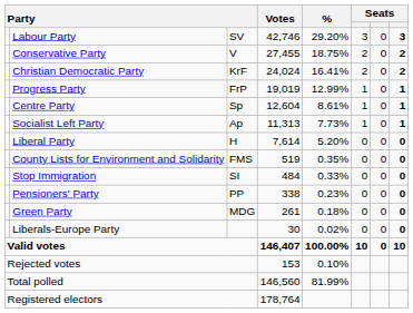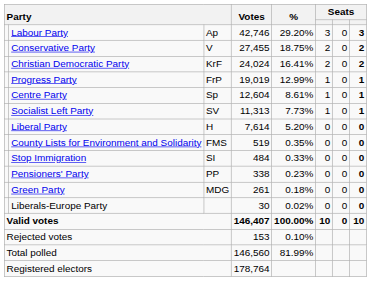 <table class="wikitable" border="1" style="text-align:right;">
 <tr>
 <th style="text-align:left;" valign=bottom rowspan=2 colspan=3>Party</th>
 <th align=center valign=bottom rowspan=2 width="50">Votes</th>
 <th align=center valign=bottom rowspan=2 width="50">%</th>
 <th colspan=3>Seats</th>
 </tr>
 <tr>
 <th align=center valign=bottom width="20"><small></small></th>
 <th align=center valign=bottom width="20"><small><a href='#'></a></small></th>
 <th align=center valign=bottom width="20"><small></small></th>
 </tr>
 <tr>
 <td style="color:inherit;background:"></td>
 <td align=left><a href='#'>Labour Party</a></td>
-<td align=left>SV</td>
+<td align=left>Ap</td>
 <td>42,746</td>
 <td>29.20%</td>
 <td>3</td>
 <td>0</td>
 <td><strong>3</strong></td>
 </tr>
 <tr>
 <td style="color:inherit;background:"></td>
 <td align=left><a href='#'>Conservative Party</a></td>
 <td align=left>V</td>
 <td>27,455</td>
 <td>18.75%</td>
 <td>2</td>
 <td>0</td>
 <td><strong>2</strong></td>
 </tr>
 <tr>
 <td style="color:inherit;background:"></td>
 <td align=left><a href='#'>Christian Democratic Party</a></td>
 <td align=left>KrF</td>
 <td>24,024</td>
 <td>16.41%</td>
 <td>2</td>
 <td>0</td>
 <td><strong>2</strong></td>
 </tr>
 <tr>
 <td style="color:inherit;background:"></td>
 <td align=left><a href='#'>Progress Party</a></td>
 <td align=left>FrP</td>
 <td>19,019</td>
 <td>12.99%</td>
 <td>1</td>
 <td>0</td>
 <td><strong>1</strong></td>
 </tr>
 <tr>
 <td style="color:inherit;background:"></td>
 <td align=left><a href='#'>Centre Party</a></td>
 <td align=left>Sp</td>
 <td>12,604</td>
 <td>8.61%</td>
 <td>1</td>
 <td>0</td>
 <td><strong>1</strong></td>
 </tr>
 <tr>
 <td style="color:inherit;background:"></td>
 <td align=left><a href='#'>Socialist Left Party</a></td>
-<td align=left>Ap</td>
+<td align=left>SV</td>
 <td>11,313</td>
 <td>7.73%</td>
 <td>1</td>
 <td>0</td>
 <td><strong>1</strong></td>
 </tr>
 <tr>
 <td style="color:inherit;background:"></td>
 <td align=left><a href='#'>Liberal Party</a></td>
 <td align=left>H</td>
 <td>7,614</td>
 <td>5.20%</td>
 <td>0</td>
 <td>0</td>
 <td><strong>0</strong></td>
 </tr>
 <tr>
 <td></td>
 <td align=left><a href='#'>County Lists for Environment and Solidarity</a></td>
 <td align=left>FMS</td>
 <td>519</td>
 <td>0.35%</td>
 <td>0</td>
 <td>0</td>
 <td><strong>0</strong></td>
 </tr>
 <tr>
 <td style="color:inherit;background:"></td>
 <td align=left><a href='#'>Stop Immigration</a></td>
 <td align=left>SI</td>
 <td>484</td>
 <td>0.33%</td>
 <td>0</td>
 <td>0</td>
 <td><strong>0</strong></td>
 </tr>
 <tr>
 <td style="color:inherit;background:"></td>
 <td align=left><a href='#'>Pensioners' Party</a></td>
 <td align=left>PP</td>
 <td>338</td>
 <td>0.23%</td>
 <td>0</td>
 <td>0</td>
 <td><strong>0</strong></td>
 </tr>
 <tr>
 <td style="color:inherit;background:"></td>
 <td align=left><a href='#'>Green Party</a></td>
 <td align=left>MDG</td>
 <td>261</td>
 <td>0.18%</td>
 <td>0</td>
 <td>0</td>
 <td><strong>0</strong></td>
 </tr>
 <tr>
 <td></td>
 <td align=left>Liberals-Europe Party</td>
 <td align=left></td>
 <td>30</td>
 <td>0.02%</td>
 <td>0</td>
 <td>0</td>
 <td><strong>0</strong></td>
 </tr>
 <tr style="font-weight:bold">
 <td align=left colspan=3>Valid votes</td>
 <td>146,407</td>
 <td>100.00%</td>
 <td>10</td>
 <td>0</td>
 <td>10</td>
 </tr>
 <tr>
 <td align=left colspan=3>Rejected votes</td>
 <td>153</td>
 <td>0.10%</td>
 <td></td>
 <td></td>
 <td></td>
 </tr>
 <tr>
 <td align=left colspan=3>Total polled</td>
 <td>146,560</td>
 <td>81.99%</td>
 <td></td>
 <td></td>
 <td></td>
 </tr>
 <tr>
 <td align=left colspan=3>Registered electors</td>
 <td>178,764</td>
 <td></td>
 <td></td>
 <td></td>
 <td></td>
 </tr>
 </table>
